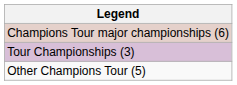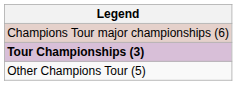 <table class="wikitable" style="font-size:95%;">
 <tr>
 <th>Legend</th>
 </tr>
 <tr style="background:#e5d1cb;">
 <td>Champions Tour major championships (6)</td>
 </tr>
 <tr style="background:thistle;">
-<td>Tour Championships (3)</td>
+<td><strong>Tour Championships (3)</strong></td>
 </tr>
 <tr>
 <td>Other Champions Tour (5)</td>
 </tr>
 </table>
